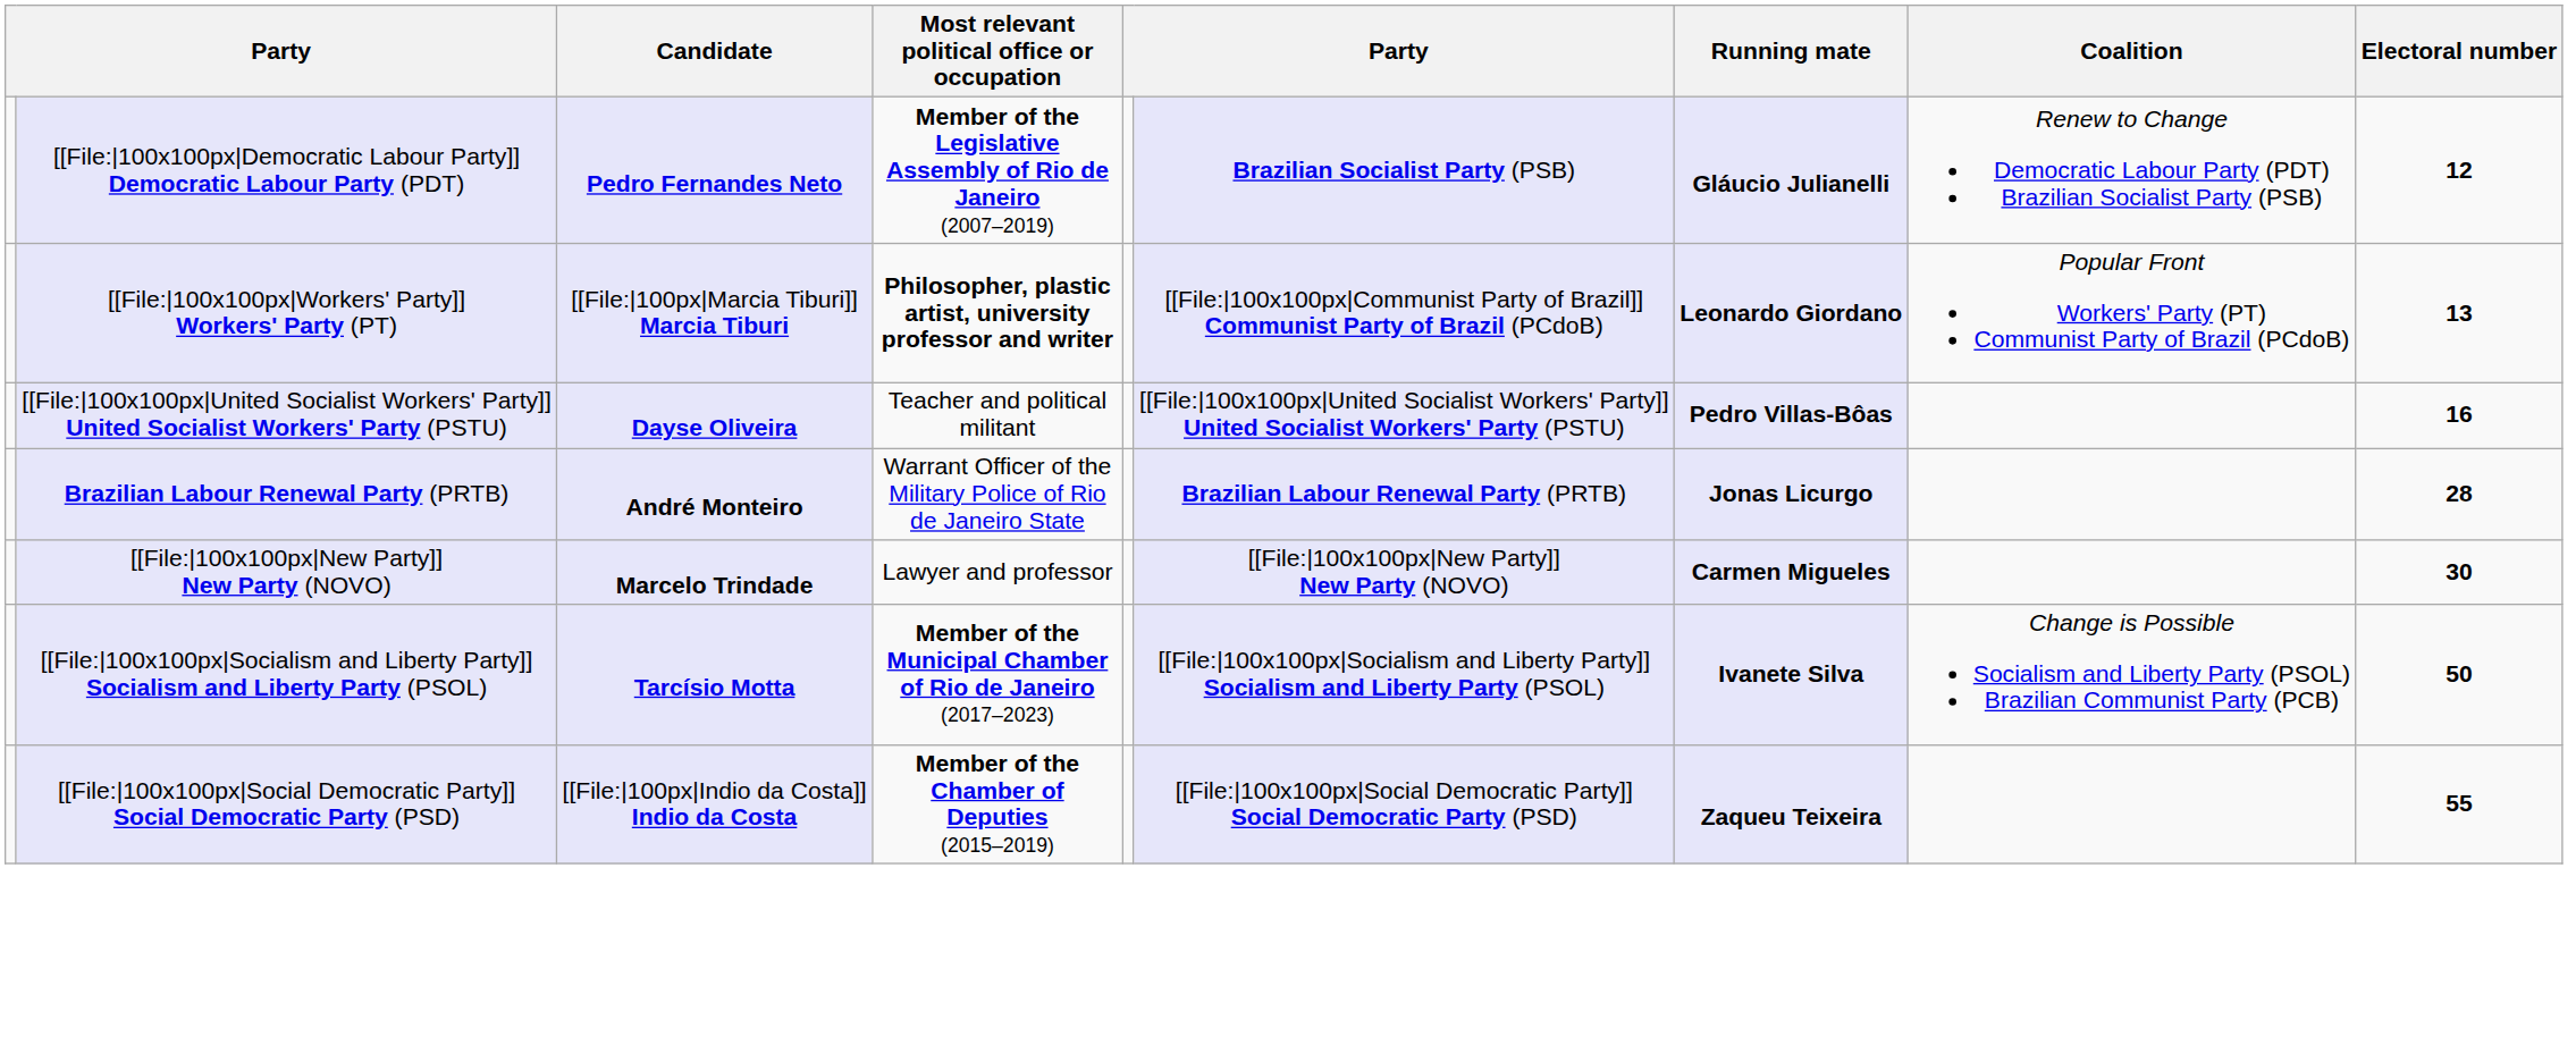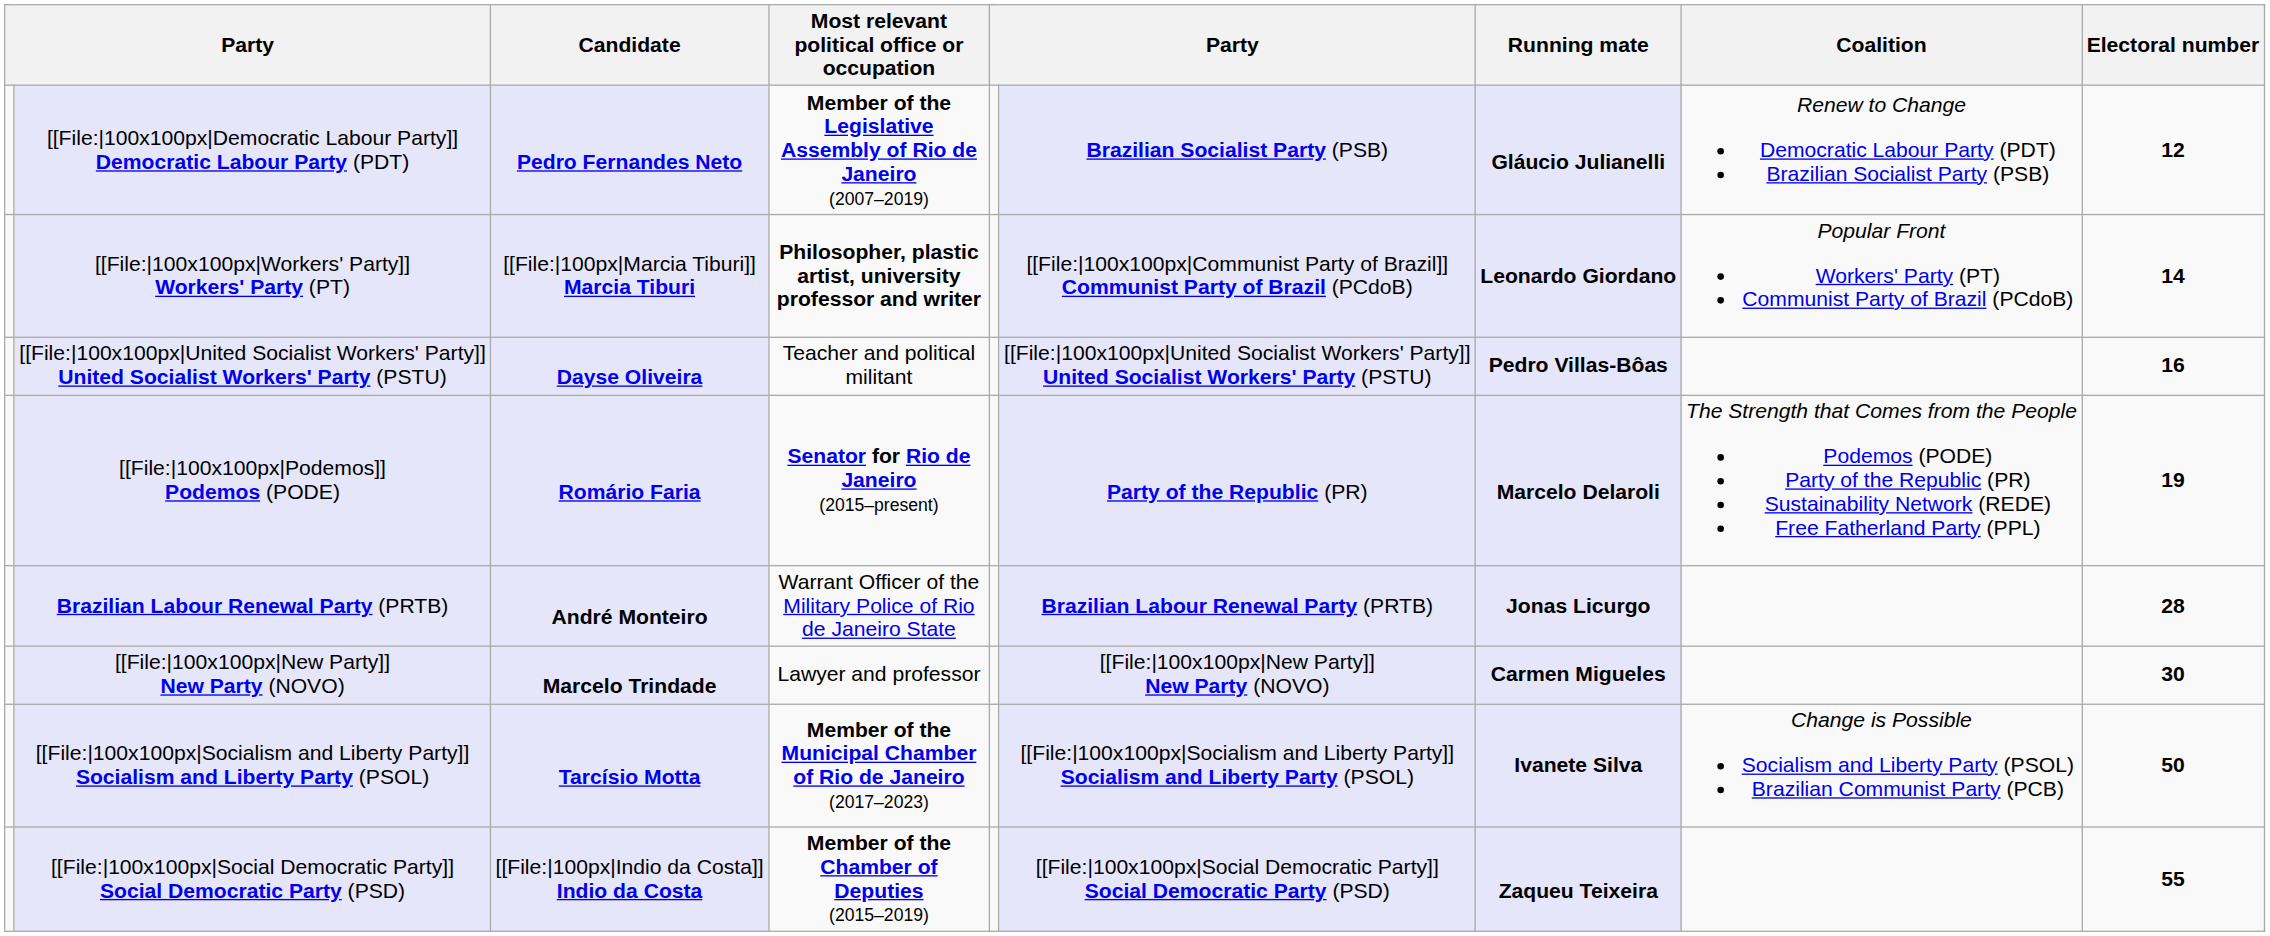 <table class="wikitable" style="text-align:center">
 <tr>
 <th colspan="2">Party</th>
 <th>Candidate</th>
 <th style="max-width:10em">Most relevant political office or occupation</th>
 <th colspan="2">Party</th>
 <th>Running mate</th>
 <th>Coalition</th>
 <th>Electoral number</th>
 </tr>
 <tr>
 <td style="background:"></td>
 <td style="background:lavender;" max-width:150px>[[File:|100x100px|Democratic Labour Party]]<br><strong><a href='#'>Democratic Labour Party</a></strong> (PDT)</td>
 <td style="background:lavender;" max-width:150px><br><strong><a href='#'>Pedro Fernandes Neto</a></strong></td>
 <td style="max-width:10em"><strong>Member of the <a href='#'>Legislative Assembly of Rio de Janeiro</a></strong><br><small>(2007–2019)</small></td>
 <td style="background:"></td>
 <td style="background:lavender;" max-width:150px><strong><a href='#'>Brazilian Socialist Party</a></strong> (PSB)</td>
 <td style="background:lavender;" max-width:150px> <br><strong>Gláucio Julianelli</strong></td>
 <td><em>Renew to Change</em><br><ul><li><a href='#'>Democratic Labour Party</a> (PDT)</li><li><a href='#'>Brazilian Socialist Party</a> (PSB)</li></ul></td>
 <td><strong>12</strong></td>
 </tr>
 <tr>
 <td style="background:"></td>
 <td style="background:lavender;" max-width:150px>[[File:|100x100px|Workers' Party]]<br><strong><a href='#'>Workers' Party</a></strong> (PT)</td>
 <td style="background:lavender;" max-width:150px>[[File:|100px|Marcia Tiburi]]<br><strong><a href='#'>Marcia Tiburi</a></strong></td>
 <td style="max-width:10em"><strong>Philosopher, plastic artist, university professor and writer</strong></td>
 <td style="background:"></td>
 <td style="background:lavender;" max-width:150px>[[File:|100x100px|Communist Party of Brazil]]<br><strong><a href='#'>Communist Party of Brazil</a></strong> (PCdoB)</td>
 <td style="background:lavender;" max-width:150px><strong>Leonardo Giordano</strong></td>
 <td><em>Popular Front</em><br><ul><li><a href='#'>Workers' Party</a> (PT)</li><li><a href='#'>Communist Party of Brazil</a> (PCdoB)</li></ul></td>
-<td><strong>13</strong></td>
+<td><strong>14</strong></td>
 </tr>
 <tr>
 <td style="background:"></td>
 <td style="background:lavender;" max-width:150px>[[File:|100x100px|United Socialist Workers' Party]]<br><strong><a href='#'>United Socialist Workers' Party</a></strong> (PSTU)</td>
 <td style="background:lavender;" max-width:150px><br><strong><a href='#'>Dayse Oliveira</a></strong></td>
 <td style="max-width:10em">Teacher and political militant</td>
 <td style="background:"></td>
 <td style="background:lavender;" max-width:150px>[[File:|100x100px|United Socialist Workers' Party]]<br><strong><a href='#'>United Socialist Workers' Party</a></strong> (PSTU)</td>
 <td style="background:lavender;" max-width:150px><strong>Pedro Villas-Bôas</strong></td>
 <td></td>
 <td><strong>16</strong></td>
+</tr>
+<tr>
+<td style="background:"></td>
+<td style="background:lavender;" max-width:150px>[[File:|100x100px|Podemos]]<br><strong><a href='#'>Podemos</a></strong> (PODE)</td>
+<td style="background:lavender;" max-width:150px><br><strong><a href='#'>Romário Faria</a></strong></td>
+<td style="max-width:10em"><strong><a href='#'>Senator</a> for <a href='#'>Rio de Janeiro</a></strong><br><small>(2015–present)</small></td>
+<td style="background:"></td>
+<td style="background:lavender;" max-width:150px><br><strong><a href='#'>Party of the Republic</a></strong> (PR)</td>
+<td style="background:lavender;" max-width:150px> <br><strong>Marcelo Delaroli</strong></td>
+<td><em>The Strength that Comes from the People</em><br><ul><li><a href='#'>Podemos</a> (PODE)</li><li><a href='#'>Party of the Republic</a> (PR)</li><li><a href='#'>Sustainability Network</a> (REDE)</li><li><a href='#'>Free Fatherland Party</a> (PPL)</li></ul></td>
+<td><strong>19</strong></td>
 </tr>
 <tr>
 <td style="background:"></td>
 <td style="background:lavender;" max-width:150px><strong><a href='#'>Brazilian Labour Renewal Party</a></strong> (PRTB)</td>
 <td style="background:lavender;" max-width:150px><br><strong>André Monteiro</strong></td>
 <td style="max-width:10em">Warrant Officer of the <a href='#'>Military Police of Rio de Janeiro State</a></td>
 <td style="background:"></td>
 <td style="background:lavender;" max-width:150px><strong><a href='#'>Brazilian Labour Renewal Party</a></strong> (PRTB)</td>
 <td style="background:lavender;" max-width:150px><strong>Jonas Licurgo</strong></td>
 <td></td>
 <td><strong>28</strong></td>
 </tr>
 <tr>
 <td style="background:"></td>
 <td style="background:lavender;" max-width:150px>[[File:|100x100px|New Party]]<br><strong><a href='#'>New Party</a></strong> (NOVO)</td>
 <td style="background:lavender;" max-width:150px><br><strong>Marcelo Trindade</strong></td>
 <td style="max-width:10em">Lawyer and professor</td>
 <td style="background:"></td>
 <td style="background:lavender;" max-width:150px>[[File:|100x100px|New Party]]<br><strong><a href='#'>New Party</a></strong> (NOVO)</td>
 <td style="background:lavender;" max-width:150px><strong>Carmen Migueles</strong></td>
 <td></td>
 <td><strong>30</strong></td>
 </tr>
 <tr>
 <td style="background:"></td>
 <td style="background:lavender;" max-width:150px>[[File:|100x100px|Socialism and Liberty Party]]<br><strong><a href='#'>Socialism and Liberty Party</a></strong> (PSOL)</td>
 <td style="background:lavender;" max-width:150px><br><strong><a href='#'>Tarcísio Motta</a></strong></td>
 <td style="max-width:10em"><strong>Member of the <a href='#'>Municipal Chamber of Rio de Janeiro</a></strong><br><small>(2017–2023)</small></td>
 <td style="background:"></td>
 <td style="background:lavender;" max-width:150px>[[File:|100x100px|Socialism and Liberty Party]]<br><strong><a href='#'>Socialism and Liberty Party</a></strong> (PSOL)</td>
 <td style="background:lavender;" max-width:150px><strong>Ivanete Silva</strong></td>
 <td><em>Change is Possible</em><br><ul><li><a href='#'>Socialism and Liberty Party</a> (PSOL)</li><li><a href='#'>Brazilian Communist Party</a> (PCB)</li></ul></td>
 <td><strong>50</strong></td>
 </tr>
 <tr>
 <td style="background:"></td>
 <td style="background:lavender;" max-width:150px>[[File:|100x100px|Social Democratic Party]]<br><strong><a href='#'>Social Democratic Party</a></strong> (PSD)</td>
 <td style="background:lavender;" max-width:150px>[[File:|100px|Indio da Costa]]<br><strong><a href='#'>Indio da Costa</a></strong></td>
 <td style="max-width:10em"><strong>Member of the <a href='#'>Chamber of Deputies</a></strong><br><small>(2015–2019)</small></td>
 <td style="background:"></td>
 <td style="background:lavender;" max-width:150px>[[File:|100x100px|Social Democratic Party]]<br><strong><a href='#'>Social Democratic Party</a></strong> (PSD)</td>
 <td style="background:lavender;" max-width:150px> <br><strong>Zaqueu Teixeira</strong></td>
 <td></td>
 <td><strong>55</strong></td>
 </tr>
 </table>
